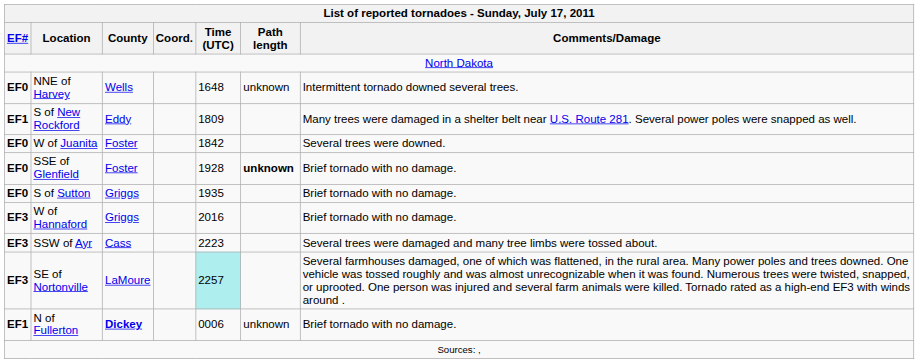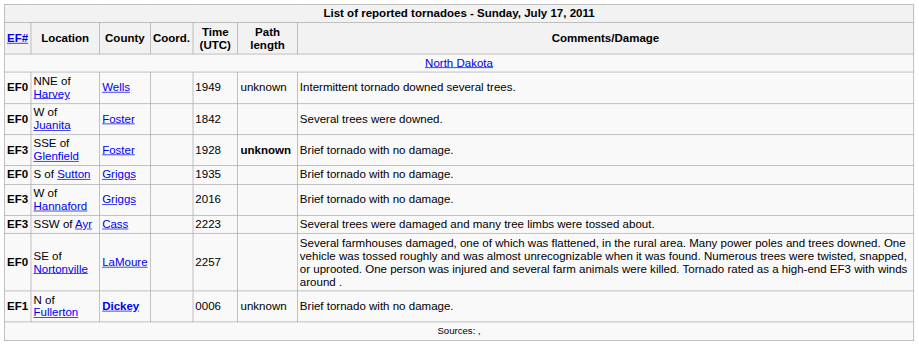 <table class="wikitable collapsible" width="100%">
 <tr>
 <th colspan="7">List of reported tornadoes - Sunday, July 17, 2011</th>
 </tr>
 <tr>
 <th><a href='#'>EF#</a></th>
 <th>Location</th>
 <th>County</th>
 <th>Coord.</th>
 <th>Time (UTC)</th>
 <th>Path length</th>
 <th>Comments/Damage</th>
 </tr>
 <tr>
 <td colspan="7" align=center><a href='#'>North Dakota</a></td>
 </tr>
 <tr>
 <td><strong>EF0</strong></td>
 <td>NNE of <a href='#'>Harvey</a></td>
 <td><a href='#'>Wells</a></td>
 <td></td>
-<td>1648</td>
+<td>1949</td>
 <td>unknown</td>
 <td>Intermittent tornado downed several trees.</td>
-</tr>
-<tr>
-<td><strong>EF1</strong></td>
-<td>S of <a href='#'>New Rockford</a></td>
-<td><a href='#'>Eddy</a></td>
-<td></td>
-<td>1809</td>
-<td></td>
-<td>Many trees were damaged in a shelter belt near <a href='#'>U.S. Route 281</a>. Several power poles were snapped as well.</td>
 </tr>
 <tr>
 <td><strong>EF0</strong></td>
 <td>W of <a href='#'>Juanita</a></td>
 <td><a href='#'>Foster</a></td>
 <td></td>
 <td>1842</td>
 <td></td>
 <td>Several trees were downed.</td>
 </tr>
 <tr>
-<td><strong>EF0</strong></td>
+<td><strong>EF3</strong></td>
 <td>SSE of <a href='#'>Glenfield</a></td>
 <td><a href='#'>Foster</a></td>
 <td></td>
 <td>1928</td>
 <td><strong>unknown</strong></td>
 <td>Brief tornado with no damage.</td>
 </tr>
 <tr>
 <td><strong>EF0</strong></td>
 <td>S of <a href='#'>Sutton</a></td>
 <td><a href='#'>Griggs</a></td>
 <td></td>
 <td>1935</td>
 <td></td>
 <td>Brief tornado with no damage.</td>
 </tr>
 <tr>
 <td><strong>EF3</strong></td>
 <td>W of <a href='#'>Hannaford</a></td>
 <td><a href='#'>Griggs</a></td>
 <td></td>
 <td>2016</td>
 <td></td>
 <td>Brief tornado with no damage.</td>
 </tr>
 <tr>
 <td><strong>EF3</strong></td>
 <td>SSW of <a href='#'>Ayr</a></td>
 <td><a href='#'>Cass</a></td>
 <td></td>
 <td>2223</td>
 <td></td>
 <td>Several trees were damaged and many tree limbs were tossed about.</td>
 </tr>
 <tr>
-<td><strong>EF3</strong></td>
+<td><strong>EF0</strong></td>
 <td>SE of <a href='#'>Nortonville</a></td>
 <td><a href='#'>LaMoure</a></td>
 <td></td>
-<td style="background: paleturquoise;">2257</td>
+<td>2257</td>
 <td></td>
 <td>Several farmhouses damaged, one of which was flattened, in the rural area. Many power poles and trees downed. One vehicle was tossed roughly  and was almost unrecognizable when it was found. Numerous trees were twisted, snapped, or uprooted. One person was injured and several farm animals were killed. Tornado rated as a high-end EF3 with winds around .</td>
 </tr>
 <tr>
 <td><strong>EF1</strong></td>
 <td>N of <a href='#'>Fullerton</a></td>
 <td><strong><a href='#'>Dickey</a></strong></td>
 <td></td>
 <td>0006</td>
 <td>unknown</td>
 <td>Brief tornado with no damage.</td>
 </tr>
 <tr>
 <td colspan="7" align=center><small>Sources:  , </small></td>
 </tr>
 </table>
